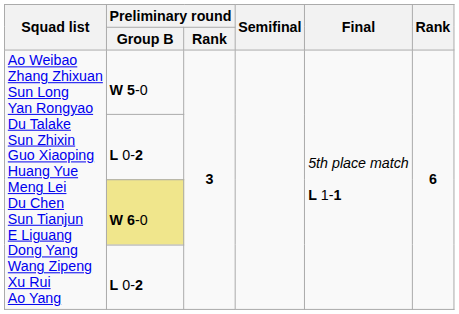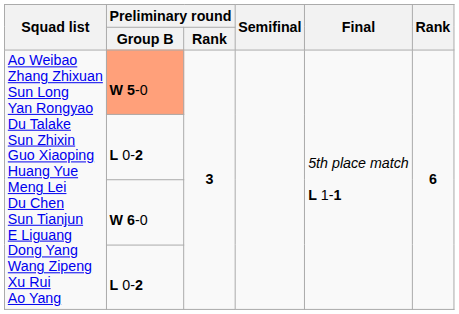 <table class="wikitable" style="text-align:left; font-size:90%">
 <tr>
 <th rowspan="2">Squad list</th>
 <th colspan="2">Preliminary round</th>
 <th rowspan="2">Semifinal</th>
 <th rowspan="2">Final</th>
 <th rowspan="2">Rank</th>
 </tr>
 <tr>
 <th>Group B</th>
 <th>Rank</th>
 </tr>
 <tr>
 <td rowspan=4><a href='#'>Ao Weibao</a><br><a href='#'>Zhang Zhixuan</a><br><a href='#'>Sun Long</a><br><a href='#'>Yan Rongyao</a><br><a href='#'>Du Talake</a><br><a href='#'>Sun Zhixin</a><br><a href='#'>Guo Xiaoping</a><br><a href='#'>Huang Yue</a><br><a href='#'>Meng Lei</a><br><a href='#'>Du Chen</a><br><a href='#'>Sun Tianjun</a><br><a href='#'>E Liguang</a><br><a href='#'>Dong Yang</a><br><a href='#'>Wang Zipeng</a><br><a href='#'>Xu Rui</a><br><a href='#'>Ao Yang</a></td>
-<td><br><strong>W</strong> <strong>5</strong>-0</td>
+<td style="background: lightsalmon;"><br><strong>W</strong> <strong>5</strong>-0</td>
 <td rowspan="4" style="text-align:center;"><strong>3</strong></td>
 <td rowspan=4></td>
 <td rowspan=4><em>5th place match</em><br><br><strong>L</strong> 1-<strong>1</strong></td>
 <td rowspan="4" style="text-align:center;"><strong>6</strong></td>
 </tr>
 <tr>
 <td><br><strong>L</strong> 0-<strong>2</strong></td>
 </tr>
 <tr>
-<td style="background: khaki;"><br><strong>W</strong> <strong>6</strong>-0</td>
+<td><br><strong>W</strong> <strong>6</strong>-0</td>
 </tr>
 <tr>
 <td><br><strong>L</strong> 0-<strong>2</strong></td>
 </tr>
 </table>
